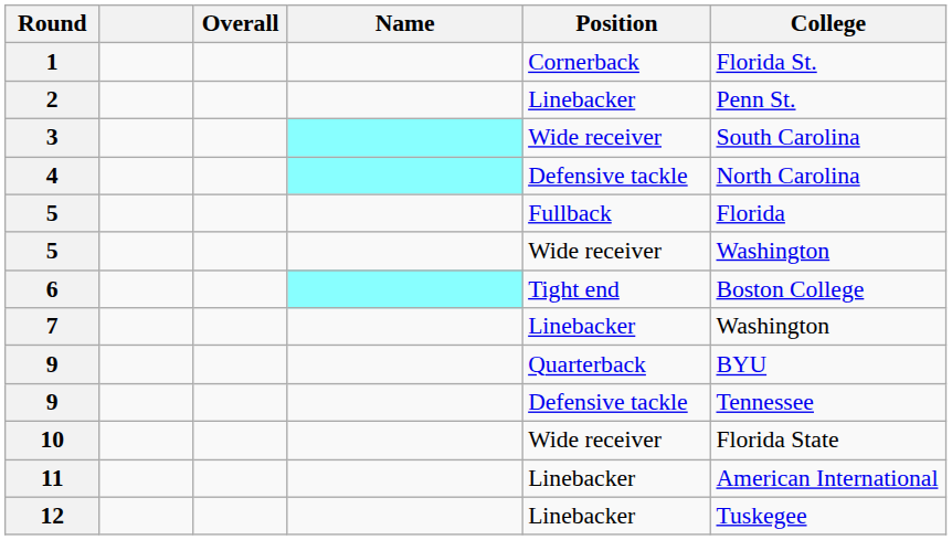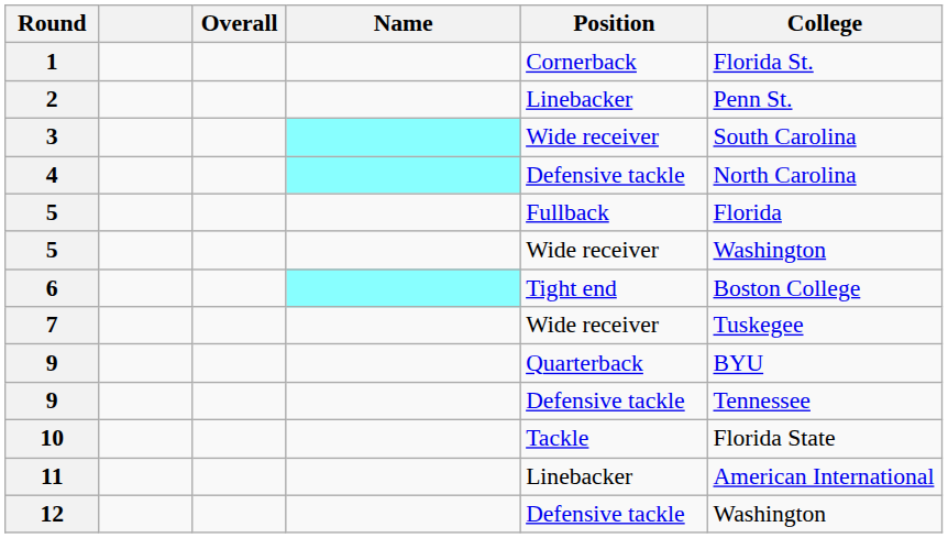 <table class="wikitable sortable" style="width: 50%;">
 <tr>
 <th scope="col" style="width: 10%;">Round</th>
 <th scope="col" style="width: 10%;"></th>
 <th scope="col" style="width: 10%;">Overall</th>
 <th scope="col" style="width: 25%;">Name</th>
 <th scope="col" style="width: 20%;">Position</th>
 <th scope="col" style="width: 25%;">College</th>
 </tr>
 <tr>
 <th scope="row">1</th>
 <td></td>
 <td></td>
 <td></td>
 <td><a href='#'>Cornerback</a></td>
 <td><a href='#'>Florida St.</a></td>
 </tr>
 <tr>
 <th scope="row">2</th>
 <td></td>
 <td></td>
 <td></td>
 <td><a href='#'>Linebacker</a></td>
 <td><a href='#'>Penn St.</a></td>
 </tr>
 <tr>
 <th scope="row">3</th>
 <td></td>
 <td></td>
 <td style="background:#88FFFF;"> <sup></sup></td>
 <td><a href='#'>Wide receiver</a></td>
 <td><a href='#'>South Carolina</a></td>
 </tr>
 <tr>
 <th scope="row">4</th>
 <td></td>
 <td></td>
 <td style="background:#88FFFF;"> <sup></sup></td>
 <td><a href='#'>Defensive tackle</a></td>
 <td><a href='#'>North Carolina</a></td>
 </tr>
 <tr>
 <th scope="row">5</th>
 <td></td>
 <td></td>
 <td></td>
 <td><a href='#'>Fullback</a></td>
 <td><a href='#'>Florida</a></td>
 </tr>
 <tr>
 <th scope="row">5</th>
 <td></td>
 <td></td>
 <td></td>
 <td>Wide receiver</td>
 <td><a href='#'>Washington</a></td>
 </tr>
 <tr>
 <th scope="row">6</th>
 <td></td>
 <td></td>
 <td style="background:#88FFFF;"> <sup></sup></td>
 <td><a href='#'>Tight end</a></td>
 <td><a href='#'>Boston College</a></td>
 </tr>
 <tr>
 <th scope="row">7</th>
 <td></td>
 <td></td>
 <td></td>
-<td><a href='#'>Linebacker</a></td>
-<td>Washington</td>
+<td>Wide receiver</td>
+<td><a href='#'>Tuskegee</a></td>
 </tr>
 <tr>
 <th scope="row">9</th>
 <td></td>
 <td></td>
 <td></td>
 <td><a href='#'>Quarterback</a></td>
 <td><a href='#'>BYU</a></td>
 </tr>
 <tr>
 <th scope="row">9</th>
 <td></td>
 <td></td>
 <td></td>
 <td><a href='#'>Defensive tackle</a></td>
 <td><a href='#'>Tennessee</a></td>
 </tr>
 <tr>
 <th scope="row">10</th>
 <td></td>
 <td></td>
 <td></td>
-<td>Wide receiver</td>
+<td><a href='#'>Tackle</a></td>
 <td>Florida State</td>
 </tr>
 <tr>
 <th scope="row">11</th>
 <td></td>
 <td></td>
 <td></td>
 <td>Linebacker</td>
 <td><a href='#'>American International</a></td>
 </tr>
 <tr>
 <th scope="row">12</th>
 <td></td>
 <td></td>
 <td></td>
-<td>Linebacker</td>
-<td><a href='#'>Tuskegee</a></td>
+<td><a href='#'>Defensive tackle</a></td>
+<td>Washington</td>
 </tr>
 </table>
